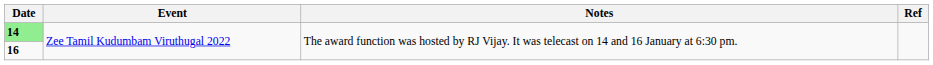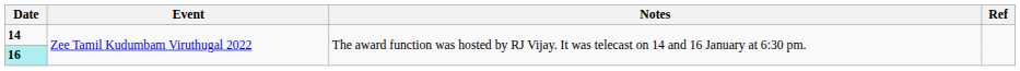 <table class="wikitable" width="80%">
 <tr>
 <th>Date</th>
 <th>Event</th>
 <th>Notes</th>
 <th>Ref</th>
 </tr>
 <tr>
-<td style="background: lightgreen;"><strong>14</strong></td>
+<td><strong>14</strong></td>
 <td rowspan="2"><a href='#'>Zee Tamil Kudumbam Viruthugal 2022</a></td>
 <td rowspan="2">The award function was hosted by RJ Vijay. It was telecast on 14 and 16 January at 6:30 pm.</td>
 <td rowspan="2"></td>
 </tr>
 <tr>
-<td><strong>16</strong></td>
+<td style="background: paleturquoise;"><strong>16</strong></td>
 </tr>
 </table>
